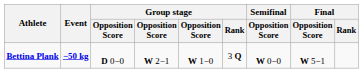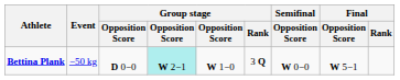 <table class="wikitable" style="text-align:center; font-size:90%">
 <tr>
 <th rowspan=2>Athlete</th>
 <th rowspan=2>Event</th>
 <th colspan=4>Group stage</th>
 <th>Semifinal</th>
 <th colspan=2>Final</th>
 </tr>
 <tr style="font-size:95%">
 <th>Opposition<br>Score</th>
 <th>Opposition<br>Score</th>
 <th>Opposition<br>Score</th>
 <th>Rank</th>
 <th>Opposition<br>Score</th>
 <th>Opposition<br>Score</th>
 <th>Rank</th>
 </tr>
 <tr>
 <td align=left><strong><a href='#'>Bettina Plank</a></strong></td>
-<td align=left><strong><a href='#'>−50 kg</a></strong></td>
+<td align=left><a href='#'>−50 kg</a></td>
 <td><br><strong>D</strong> 0−0</td>
-<td><br><strong>W</strong> 2−1</td>
+<td style="background: paleturquoise;"><br><strong>W</strong> 2−1</td>
 <td><br><strong>W</strong> 1−0</td>
 <td>3 <strong>Q</strong></td>
 <td><br><strong>W</strong> 0−0</td>
 <td><br><strong>W</strong> 5−1</td>
 <td></td>
 </tr>
 </table>
